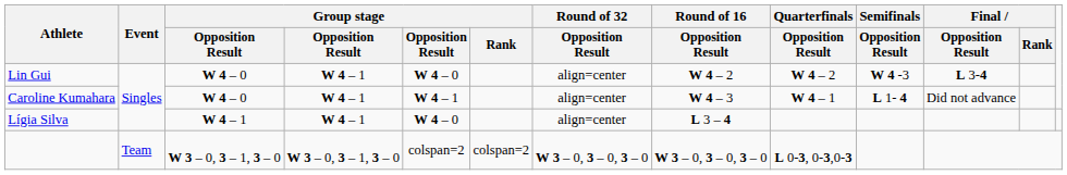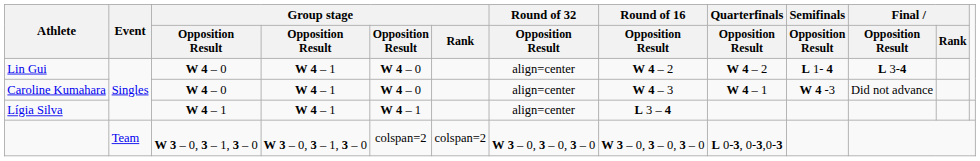 <table class="wikitable" style="font-size:90%">
 <tr>
 <th rowspan=2>Athlete</th>
 <th rowspan=2>Event</th>
 <th colspan=4>Group stage</th>
 <th>Round of 32</th>
 <th>Round of 16</th>
 <th>Quarterfinals</th>
 <th>Semifinals</th>
 <th colspan=2>Final / </th>
 </tr>
 <tr style="font-size:95%">
 <th>Opposition<br>Result</th>
 <th>Opposition<br>Result</th>
 <th>Opposition<br>Result</th>
 <th>Rank</th>
 <th>Opposition<br>Result</th>
 <th>Opposition<br>Result</th>
 <th>Opposition<br>Result</th>
 <th>Opposition<br>Result</th>
 <th>Opposition<br>Result</th>
 <th>Rank</th>
 </tr>
 <tr align=center>
 <td align=left><a href='#'>Lin Gui</a></td>
 <td align=left rowspan=3><a href='#'>Singles</a></td>
 <td> <strong>W</strong> <strong>4</strong> – 0</td>
 <td><strong>W</strong> <strong>4</strong> – 1</td>
 <td><strong>W</strong> <strong>4</strong> – 0</td>
 <td></td>
 <td>align=center </td>
 <td><strong>W</strong> <strong>4</strong> – 2</td>
 <td><strong>W</strong> <strong>4</strong> – 2</td>
-<td><strong>W</strong> <strong>4</strong> -3</td>
+<td> <strong>L</strong> 1- <strong>4</strong></td>
 <td> <strong>L</strong> 3-<strong>4</strong></td>
 <td></td>
 </tr>
 <tr align=center>
 <td align=left><a href='#'>Caroline Kumahara</a></td>
 <td> <strong>W</strong> <strong>4</strong> – 0</td>
 <td> <strong>W</strong> <strong>4</strong> – 1</td>
-<td><strong>W</strong> <strong>4</strong> – 1</td>
+<td> <strong>W</strong> <strong>4</strong> – 0</td>
 <td></td>
 <td>align=center </td>
 <td> <strong>W</strong> <strong>4</strong> – 3</td>
 <td> <strong>W</strong> <strong>4</strong> – 1</td>
-<td> <strong>L</strong> 1- <strong>4</strong></td>
+<td><strong>W</strong> <strong>4</strong> -3</td>
 <td>Did not advance</td>
 <td></td>
 </tr>
 <tr align=center>
 <td align=left><a href='#'>Lígia Silva</a></td>
 <td> <strong>W</strong> <strong>4</strong> – 1</td>
 <td> <strong>W</strong> <strong>4</strong> – 1</td>
-<td> <strong>W</strong> <strong>4</strong> – 0</td>
+<td><strong>W</strong> <strong>4</strong> – 1</td>
 <td></td>
 <td>align=center </td>
 <td> <strong>L</strong> 3 – <strong>4</strong></td>
 <td></td>
 <td></td>
 <td></td>
 <td></td>
 <td></td>
 </tr>
 <tr align=center>
 <td align=left></td>
 <td align=left><a href='#'>Team</a></td>
 <td><br> <strong>W</strong> <strong>3</strong> – 0, <strong>3</strong> – 1, <strong>3</strong> – 0</td>
 <td><br> <strong>W</strong> <strong>3</strong> – 0, <strong>3</strong> – 1, <strong>3</strong> – 0</td>
 <td>colspan=2 </td>
 <td>colspan=2 </td>
 <td><br> <strong>W</strong> <strong>3</strong> – 0, <strong>3</strong> – 0, <strong>3</strong> – 0</td>
 <td><br> <strong>W</strong> <strong>3</strong> – 0, <strong>3</strong> – 0, <strong>3</strong> – 0</td>
 <td><br> <strong>L</strong> 0-<strong>3</strong>, 0-<strong>3</strong>,0-<strong>3</strong></td>
 <td></td>
 </tr>
 </table>
